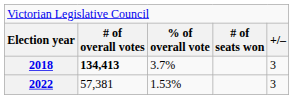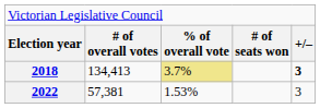 <table class=wikitable>
 <tr>
 <td colspan=7><a href='#'>Victorian Legislative Council</a></td>
 </tr>
 <tr>
 <th>Election year</th>
 <th># of<br>overall votes</th>
 <th>% of<br>overall vote</th>
 <th># of<br>seats won</th>
 <th>+/–</th>
 </tr>
 <tr>
 <th><a href='#'>2018</a></th>
-<td><strong>134,413</strong></td>
-<td>3.7%</td>
+<td>134,413</td>
+<td style="background: khaki;">3.7%</td>
 <td></td>
-<td> 3</td>
+<td><strong> 3</strong></td>
 </tr>
 <tr>
 <th><a href='#'>2022</a></th>
 <td>57,381</td>
 <td>1.53%</td>
 <td></td>
 <td> 3</td>
 </tr>
 </table>
